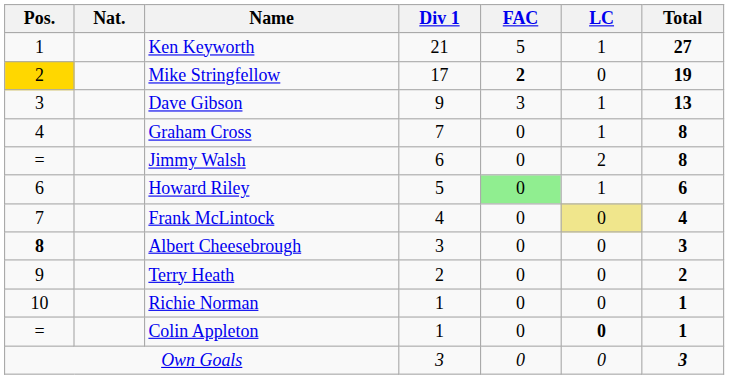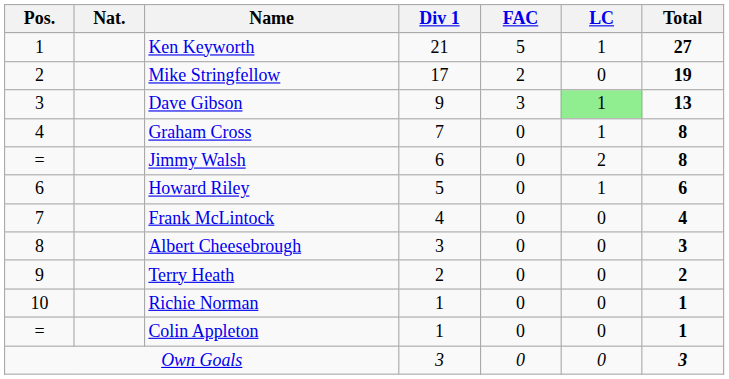 <table class="wikitable sortable">
 <tr>
 <th width=55>Pos.</th>
 <th width=55>Nat.</th>
 <th width=220>Name</th>
 <th width=65><a href='#'>Div 1</a></th>
 <th width=65><a href='#'>FAC</a></th>
 <th width=65><a href='#'>LC</a></th>
 <th width=65>Total</th>
 </tr>
 <tr>
 <td align=center>1</td>
 <td align=center></td>
 <td><a href='#'>Ken Keyworth</a></td>
 <td align=center>21</td>
 <td align=center>5</td>
 <td align=center>1</td>
 <td align=center><strong>27</strong></td>
 </tr>
 <tr>
-<td align=center style="background: gold;">2</td>
+<td align=center>2</td>
 <td align=center></td>
 <td><a href='#'>Mike Stringfellow</a></td>
 <td align=center>17</td>
-<td align=center><strong>2</strong></td>
+<td align=center>2</td>
 <td align=center>0</td>
 <td align=center><strong>19</strong></td>
 </tr>
 <tr>
 <td align=center>3</td>
 <td align=center></td>
 <td><a href='#'>Dave Gibson</a></td>
 <td align=center>9</td>
 <td align=center>3</td>
-<td align=center>1</td>
+<td align=center style="background: lightgreen;">1</td>
 <td align=center><strong>13</strong></td>
 </tr>
 <tr>
 <td align=center>4</td>
 <td align=center></td>
 <td><a href='#'>Graham Cross</a></td>
 <td align=center>7</td>
 <td align=center>0</td>
 <td align=center>1</td>
 <td align=center><strong>8</strong></td>
 </tr>
 <tr>
 <td align=center>=</td>
 <td align=center></td>
 <td><a href='#'>Jimmy Walsh</a></td>
 <td align=center>6</td>
 <td align=center>0</td>
 <td align=center>2</td>
 <td align=center><strong>8</strong></td>
 </tr>
 <tr>
 <td align=center>6</td>
 <td align=center></td>
 <td><a href='#'>Howard Riley</a></td>
 <td align=center>5</td>
-<td align=center style="background: lightgreen;">0</td>
+<td align=center>0</td>
 <td align=center>1</td>
 <td align=center><strong>6</strong></td>
 </tr>
 <tr>
 <td align=center>7</td>
 <td align=center></td>
 <td><a href='#'>Frank McLintock</a></td>
 <td align=center>4</td>
 <td align=center>0</td>
-<td align=center style="background: khaki;">0</td>
+<td align=center>0</td>
 <td align=center><strong>4</strong></td>
 </tr>
 <tr>
-<td align=center><strong>8</strong></td>
+<td align=center>8</td>
 <td align=center></td>
 <td><a href='#'>Albert Cheesebrough</a></td>
 <td align=center>3</td>
 <td align=center>0</td>
 <td align=center>0</td>
 <td align=center><strong>3</strong></td>
 </tr>
 <tr>
 <td align=center>9</td>
 <td align=center></td>
 <td><a href='#'>Terry Heath</a></td>
 <td align=center>2</td>
 <td align=center>0</td>
 <td align=center>0</td>
 <td align=center><strong>2</strong></td>
 </tr>
 <tr>
 <td align=center>10</td>
 <td align=center></td>
 <td><a href='#'>Richie Norman</a></td>
 <td align=center>1</td>
 <td align=center>0</td>
 <td align=center>0</td>
 <td align=center><strong>1</strong></td>
 </tr>
 <tr>
 <td align=center>=</td>
 <td align=center></td>
 <td><a href='#'>Colin Appleton</a></td>
 <td align=center>1</td>
 <td align=center>0</td>
-<td align=center><strong>0</strong></td>
+<td align=center>0</td>
 <td align=center><strong>1</strong></td>
 </tr>
 <tr>
 <td colspan="3" align=center><em><a href='#'>Own Goals</a></em></td>
 <td align=center><em>3</em></td>
 <td align=center><em>0</em></td>
 <td align=center><em>0</em></td>
 <td align=center><strong><em>3</em></strong></td>
 </tr>
 </table>
